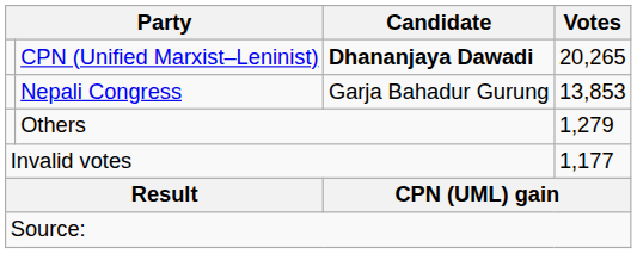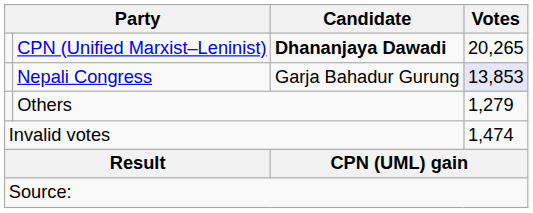 <table class="wikitable">
 <tr>
 <th colspan="2">Party</th>
 <th>Candidate</th>
 <th>Votes</th>
 </tr>
 <tr>
 <td style="background-color:"></td>
 <td><a href='#'>CPN (Unified Marxist–Leninist)</a></td>
 <td><strong>Dhananjaya Dawadi</strong></td>
 <td>20,265</td>
 </tr>
 <tr>
 <td style="background-color:"></td>
 <td><a href='#'>Nepali Congress</a></td>
 <td>Garja Bahadur Gurung</td>
-<td>13,853</td>
+<td style="background: lavender;">13,853</td>
 </tr>
 <tr>
 <td></td>
 <td colspan="2">Others</td>
 <td>1,279</td>
 </tr>
 <tr>
 <td colspan="3">Invalid votes</td>
-<td>1,177</td>
+<td>1,474</td>
 </tr>
 <tr>
 <th colspan="2">Result</th>
 <th colspan="2">CPN (UML) gain</th>
 </tr>
 <tr>
 <td colspan="4">Source: </td>
 </tr>
 </table>
